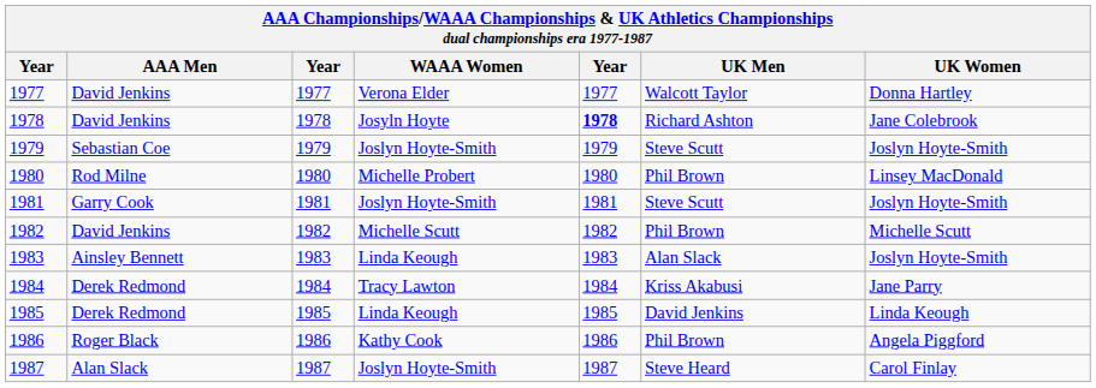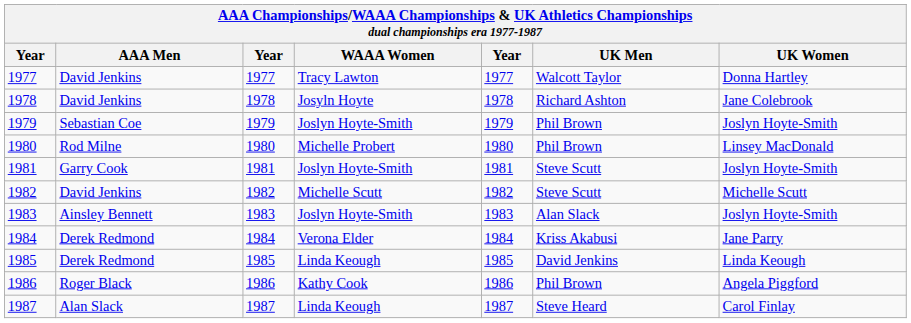 <table class="wikitable">
 <tr>
 <th colspan="7"><a href='#'>AAA Championships</a>/<a href='#'>WAAA Championships</a> & <a href='#'>UK Athletics Championships</a><br><em><small>dual championships era 1977-1987</small></em></th>
 </tr>
 <tr>
 <th width=50>Year</th>
 <th width=200>AAA Men</th>
 <th width=50>Year</th>
 <th width=200>WAAA Women</th>
 <th width=50>Year</th>
 <th width=200>UK Men</th>
 <th width=200>UK Women</th>
 </tr>
 <tr>
 <td><a href='#'>1977</a></td>
 <td><a href='#'>David Jenkins</a></td>
 <td><a href='#'>1977</a></td>
-<td><a href='#'>Verona Elder</a></td>
+<td><a href='#'>Tracy Lawton</a></td>
 <td><a href='#'>1977</a></td>
 <td><a href='#'>Walcott Taylor</a></td>
 <td><a href='#'>Donna Hartley</a></td>
 </tr>
 <tr>
 <td><a href='#'>1978</a></td>
 <td><a href='#'>David Jenkins</a></td>
 <td><a href='#'>1978</a></td>
 <td><a href='#'>Josyln Hoyte</a></td>
-<td><strong><a href='#'>1978</a></strong></td>
+<td><a href='#'>1978</a></td>
 <td><a href='#'>Richard Ashton</a></td>
 <td><a href='#'>Jane Colebrook</a></td>
 </tr>
 <tr>
 <td><a href='#'>1979</a></td>
 <td><a href='#'>Sebastian Coe</a></td>
 <td><a href='#'>1979</a></td>
 <td><a href='#'>Joslyn Hoyte-Smith</a></td>
 <td><a href='#'>1979</a></td>
-<td><a href='#'>Steve Scutt</a></td>
+<td><a href='#'>Phil Brown</a></td>
 <td><a href='#'>Joslyn Hoyte-Smith</a></td>
 </tr>
 <tr>
 <td><a href='#'>1980</a></td>
 <td><a href='#'>Rod Milne</a></td>
 <td><a href='#'>1980</a></td>
 <td><a href='#'>Michelle Probert</a></td>
 <td><a href='#'>1980</a></td>
 <td><a href='#'>Phil Brown</a></td>
 <td><a href='#'>Linsey MacDonald</a></td>
 </tr>
 <tr>
 <td><a href='#'>1981</a></td>
 <td><a href='#'>Garry Cook</a></td>
 <td><a href='#'>1981</a></td>
 <td><a href='#'>Joslyn Hoyte-Smith</a></td>
 <td><a href='#'>1981</a></td>
 <td><a href='#'>Steve Scutt</a></td>
 <td><a href='#'>Joslyn Hoyte-Smith</a></td>
 </tr>
 <tr>
 <td><a href='#'>1982</a></td>
 <td><a href='#'>David Jenkins</a></td>
 <td><a href='#'>1982</a></td>
 <td><a href='#'>Michelle Scutt</a></td>
 <td><a href='#'>1982</a></td>
-<td><a href='#'>Phil Brown</a></td>
+<td><a href='#'>Steve Scutt</a></td>
 <td><a href='#'>Michelle Scutt</a></td>
 </tr>
 <tr>
 <td><a href='#'>1983</a></td>
 <td><a href='#'>Ainsley Bennett</a></td>
 <td><a href='#'>1983</a></td>
-<td><a href='#'>Linda Keough</a></td>
+<td><a href='#'>Joslyn Hoyte-Smith</a></td>
 <td><a href='#'>1983</a></td>
 <td><a href='#'>Alan Slack</a></td>
 <td><a href='#'>Joslyn Hoyte-Smith</a></td>
 </tr>
 <tr>
 <td><a href='#'>1984</a></td>
 <td><a href='#'>Derek Redmond</a></td>
 <td><a href='#'>1984</a></td>
-<td><a href='#'>Tracy Lawton</a></td>
+<td><a href='#'>Verona Elder</a></td>
 <td><a href='#'>1984</a></td>
 <td><a href='#'>Kriss Akabusi</a></td>
 <td><a href='#'>Jane Parry</a></td>
 </tr>
 <tr>
 <td><a href='#'>1985</a></td>
 <td><a href='#'>Derek Redmond</a></td>
 <td><a href='#'>1985</a></td>
 <td><a href='#'>Linda Keough</a></td>
 <td><a href='#'>1985</a></td>
 <td><a href='#'>David Jenkins</a></td>
 <td><a href='#'>Linda Keough</a></td>
 </tr>
 <tr>
 <td><a href='#'>1986</a></td>
 <td><a href='#'>Roger Black</a></td>
 <td><a href='#'>1986</a></td>
 <td><a href='#'>Kathy Cook</a></td>
 <td><a href='#'>1986</a></td>
 <td><a href='#'>Phil Brown</a></td>
 <td><a href='#'>Angela Piggford</a></td>
 </tr>
 <tr>
 <td><a href='#'>1987</a></td>
 <td><a href='#'>Alan Slack</a></td>
 <td><a href='#'>1987</a></td>
-<td><a href='#'>Joslyn Hoyte-Smith</a></td>
+<td><a href='#'>Linda Keough</a></td>
 <td><a href='#'>1987</a></td>
 <td><a href='#'>Steve Heard</a></td>
 <td><a href='#'>Carol Finlay</a></td>
 </tr>
 </table>
